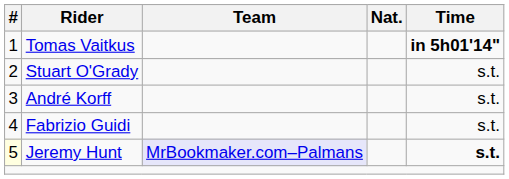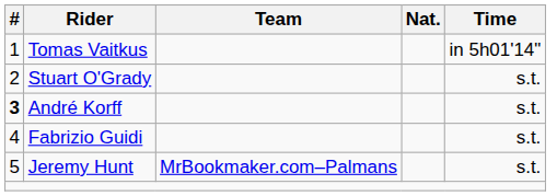 <table class=wikitable>
 <tr>
 <th align=right>#</th>
 <th>Rider</th>
 <th>Team</th>
 <th>Nat.</th>
 <th align=right>Time</th>
 </tr>
 <tr>
 <td align=right>1</td>
 <td><a href='#'>Tomas Vaitkus</a></td>
 <td></td>
 <td></td>
-<td align=right><strong>in 5h01'14"</strong></td>
+<td align=right>in 5h01'14"</td>
 </tr>
 <tr>
 <td align=right>2</td>
 <td><a href='#'>Stuart O'Grady</a></td>
 <td></td>
 <td></td>
 <td align=right>s.t.</td>
 </tr>
 <tr>
-<td align=right>3</td>
+<td align=right><strong>3</strong></td>
 <td><a href='#'>André Korff</a></td>
 <td></td>
 <td></td>
 <td align=right>s.t.</td>
 </tr>
 <tr>
 <td align=right>4</td>
 <td><a href='#'>Fabrizio Guidi</a></td>
 <td></td>
 <td></td>
 <td align=right>s.t.</td>
 </tr>
 <tr>
-<td align=right style="background: lightyellow;">5</td>
+<td align=right>5</td>
 <td><a href='#'>Jeremy Hunt</a></td>
-<td style="background: lavender;"><a href='#'>MrBookmaker.com–Palmans</a></td>
+<td><a href='#'>MrBookmaker.com–Palmans</a></td>
 <td></td>
-<td align=right><strong>s.t.</strong></td>
+<td align=right>s.t.</td>
 </tr>
 <tr>
 <td align=right colspan=5></td>
 </tr>
 </table>
